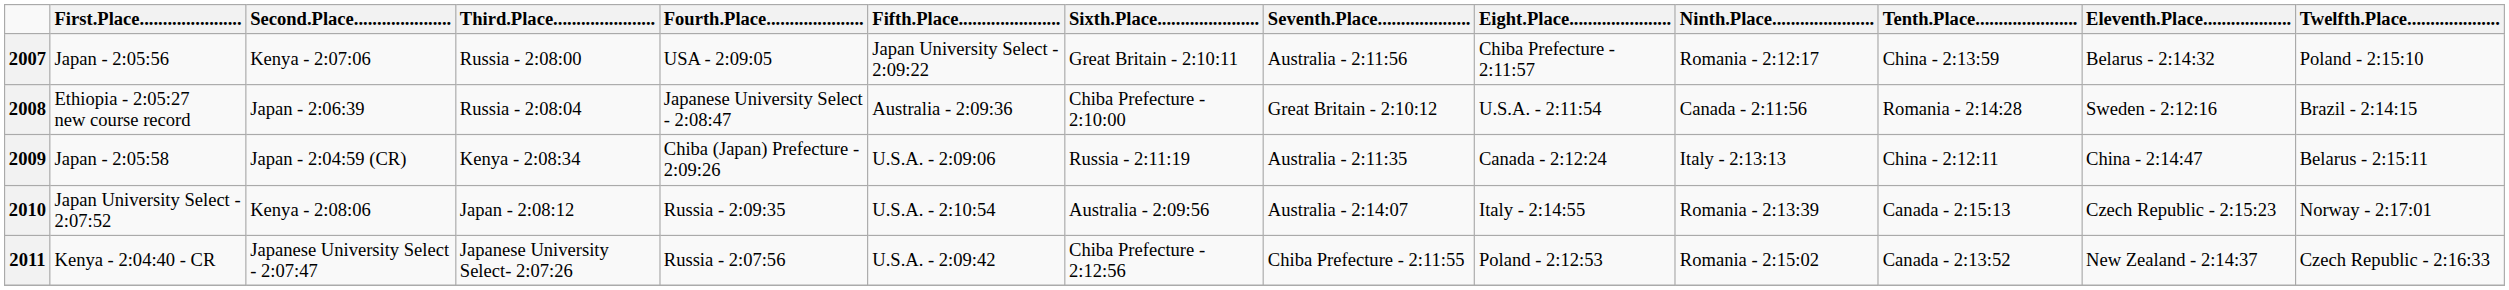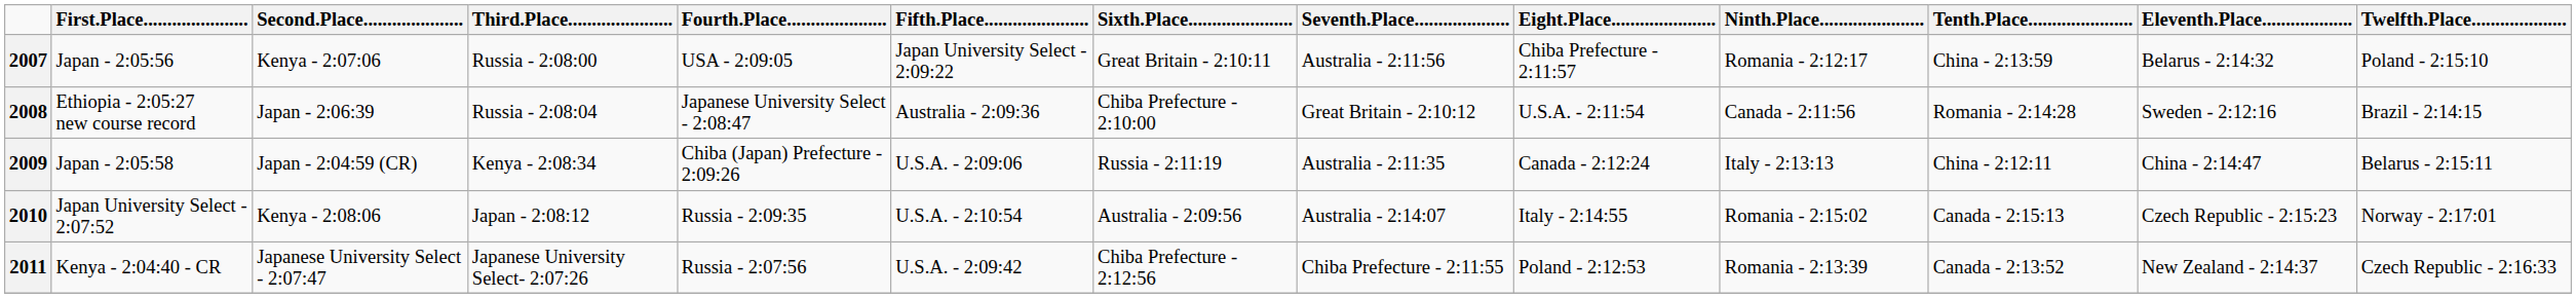 <table class="wikitable" style="text-align:left; width:105%; align:top;">
 <tr>
 <td></td>
 <th scope="col">First.Place......................</th>
 <th scope="col">Second.Place.....................</th>
 <th scope="col">Third.Place......................</th>
 <th scope="col">Fourth.Place.....................</th>
 <th scope="col">Fifth.Place......................</th>
 <th scope="col">Sixth.Place......................</th>
 <th scope="col">Seventh.Place....................</th>
 <th scope="col">Eight.Place......................</th>
 <th scope="col">Ninth.Place......................</th>
 <th scope="col">Tenth.Place......................</th>
 <th scope="col">Eleventh.Place...................</th>
 <th scope="col">Twelfth.Place....................</th>
 </tr>
 <tr>
 <th scope="row">2007</th>
 <td>Japan - 2:05:56</td>
 <td>Kenya - 2:07:06</td>
 <td>Russia - 2:08:00</td>
 <td>USA - 2:09:05</td>
 <td>Japan University Select - 2:09:22</td>
 <td>Great Britain - 2:10:11</td>
 <td>Australia - 2:11:56</td>
 <td>Chiba Prefecture - 2:11:57</td>
 <td>Romania - 2:12:17</td>
 <td>China - 2:13:59</td>
 <td>Belarus - 2:14:32</td>
 <td>Poland - 2:15:10</td>
 </tr>
 <tr>
 <th scope="row">2008</th>
 <td>Ethiopia - 2:05:27<br>new course record</td>
 <td>Japan - 2:06:39</td>
 <td>Russia - 2:08:04</td>
 <td>Japanese University Select - 2:08:47</td>
 <td>Australia - 2:09:36</td>
 <td>Chiba Prefecture - 2:10:00</td>
 <td>Great Britain - 2:10:12</td>
 <td>U.S.A. - 2:11:54</td>
 <td>Canada - 2:11:56</td>
 <td>Romania - 2:14:28</td>
 <td>Sweden - 2:12:16</td>
 <td>Brazil - 2:14:15</td>
 </tr>
 <tr>
 <th scope="row">2009</th>
 <td>Japan - 2:05:58</td>
 <td>Japan - 2:04:59 (CR)</td>
 <td>Kenya - 2:08:34</td>
 <td>Chiba (Japan) Prefecture - 2:09:26</td>
 <td>U.S.A. - 2:09:06</td>
 <td>Russia - 2:11:19</td>
 <td>Australia - 2:11:35</td>
 <td>Canada - 2:12:24</td>
 <td>Italy - 2:13:13</td>
 <td>China - 2:12:11</td>
 <td>China - 2:14:47</td>
 <td>Belarus - 2:15:11</td>
 </tr>
 <tr>
 <th scope="row">2010</th>
 <td>Japan University Select - 2:07:52</td>
 <td>Kenya - 2:08:06</td>
 <td>Japan - 2:08:12</td>
 <td>Russia - 2:09:35</td>
 <td>U.S.A. - 2:10:54</td>
 <td>Australia - 2:09:56</td>
 <td>Australia - 2:14:07</td>
 <td>Italy - 2:14:55</td>
-<td>Romania - 2:13:39</td>
+<td>Romania - 2:15:02</td>
 <td>Canada - 2:15:13</td>
 <td>Czech Republic - 2:15:23</td>
 <td>Norway - 2:17:01</td>
 </tr>
 <tr>
 <th scope="row">2011</th>
 <td>Kenya - 2:04:40 - CR</td>
 <td>Japanese University Select - 2:07:47</td>
 <td>Japanese University Select- 2:07:26</td>
 <td>Russia - 2:07:56</td>
 <td>U.S.A. - 2:09:42</td>
 <td>Chiba Prefecture - 2:12:56</td>
 <td>Chiba Prefecture - 2:11:55</td>
 <td>Poland - 2:12:53</td>
-<td>Romania - 2:15:02</td>
+<td>Romania - 2:13:39</td>
 <td>Canada - 2:13:52</td>
 <td>New Zealand - 2:14:37</td>
 <td>Czech Republic - 2:16:33</td>
 </tr>
 <tr>
 </tr>
 </table>
